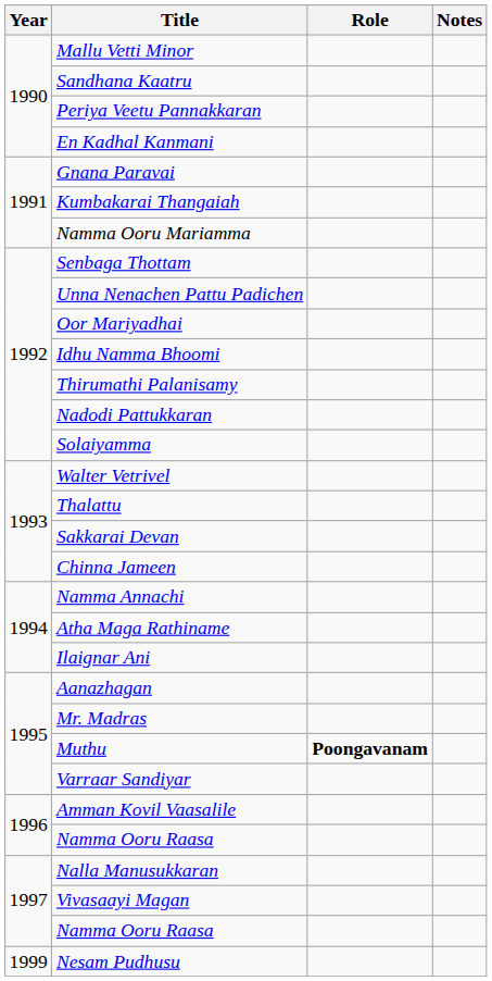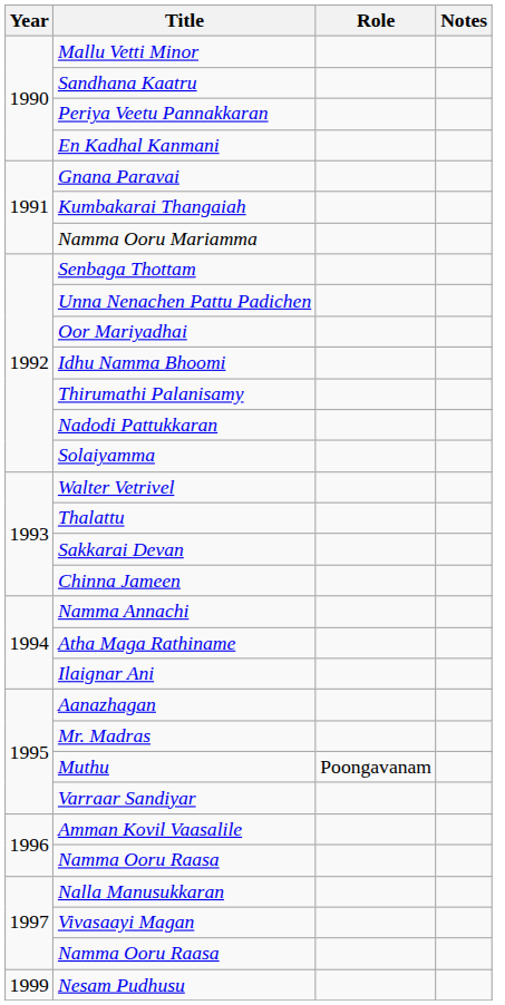 <table class="wikitable">
 <tr>
 <th scope="col">Year</th>
 <th scope="col">Title</th>
 <th scope="col">Role</th>
 <th class="unsortable" scope="col">Notes</th>
 </tr>
 <tr>
 <td rowspan="4">1990</td>
 <td><em><a href='#'>Mallu Vetti Minor</a></em></td>
 <td></td>
 <td></td>
 </tr>
 <tr>
 <td><em><a href='#'>Sandhana Kaatru</a></em></td>
 <td></td>
 <td></td>
 </tr>
 <tr>
 <td><em><a href='#'>Periya Veetu Pannakkaran</a></em></td>
 <td></td>
 <td></td>
 </tr>
 <tr>
 <td><em><a href='#'>En Kadhal Kanmani</a></em></td>
 <td></td>
 <td></td>
 </tr>
 <tr>
 <td rowspan="3">1991</td>
 <td><em><a href='#'>Gnana Paravai</a></em></td>
 <td></td>
 <td></td>
 </tr>
 <tr>
 <td><em><a href='#'>Kumbakarai Thangaiah</a></em></td>
 <td></td>
 <td></td>
 </tr>
 <tr>
 <td><em>Namma Ooru Mariamma</em></td>
 <td></td>
 <td></td>
 </tr>
 <tr>
 <td rowspan="7">1992</td>
 <td><em><a href='#'>Senbaga Thottam</a></em></td>
 <td></td>
 <td></td>
 </tr>
 <tr>
 <td><em><a href='#'>Unna Nenachen Pattu Padichen</a></em></td>
 <td></td>
 <td></td>
 </tr>
 <tr>
 <td><em><a href='#'>Oor Mariyadhai</a></em></td>
 <td></td>
 <td></td>
 </tr>
 <tr>
 <td><em><a href='#'>Idhu Namma Bhoomi</a></em></td>
 <td></td>
 <td></td>
 </tr>
 <tr>
 <td><em><a href='#'>Thirumathi Palanisamy</a></em></td>
 <td></td>
 <td></td>
 </tr>
 <tr>
 <td><em><a href='#'>Nadodi Pattukkaran</a></em></td>
 <td></td>
 <td></td>
 </tr>
 <tr>
 <td><em><a href='#'>Solaiyamma</a></em></td>
 <td></td>
 <td></td>
 </tr>
 <tr>
 <td rowspan="4">1993</td>
 <td><em><a href='#'>Walter Vetrivel</a></em></td>
 <td></td>
 <td></td>
 </tr>
 <tr>
 <td><em><a href='#'>Thalattu</a></em></td>
 <td></td>
 <td></td>
 </tr>
 <tr>
 <td><em><a href='#'>Sakkarai Devan</a></em></td>
 <td></td>
 <td></td>
 </tr>
 <tr>
 <td><em><a href='#'>Chinna Jameen</a></em></td>
 <td></td>
 <td></td>
 </tr>
 <tr>
 <td rowspan="3">1994</td>
 <td><em><a href='#'>Namma Annachi</a></em></td>
 <td></td>
 <td></td>
 </tr>
 <tr>
 <td><em><a href='#'>Atha Maga Rathiname</a></em></td>
 <td></td>
 <td></td>
 </tr>
 <tr>
 <td><em><a href='#'>Ilaignar Ani</a></em></td>
 <td></td>
 <td></td>
 </tr>
 <tr>
 <td rowspan="4">1995</td>
 <td><em><a href='#'>Aanazhagan</a></em></td>
 <td></td>
 <td></td>
 </tr>
 <tr>
 <td><em><a href='#'>Mr. Madras</a></em></td>
 <td></td>
 <td></td>
 </tr>
 <tr>
 <td><em><a href='#'>Muthu</a></em></td>
-<td><strong>Poongavanam</strong></td>
+<td>Poongavanam</td>
 <td></td>
 </tr>
 <tr>
 <td><em><a href='#'>Varraar Sandiyar</a></em></td>
 <td></td>
 <td></td>
 </tr>
 <tr>
 <td rowspan="2">1996</td>
 <td><em><a href='#'>Amman Kovil Vaasalile</a></em></td>
 <td></td>
 <td></td>
 </tr>
 <tr>
 <td><em><a href='#'>Namma Ooru Raasa</a></em></td>
 <td></td>
 <td></td>
 </tr>
 <tr>
 <td rowspan="3">1997</td>
 <td><em><a href='#'>Nalla Manusukkaran</a></em></td>
 <td></td>
 <td></td>
 </tr>
 <tr>
 <td><em><a href='#'>Vivasaayi Magan</a></em></td>
 <td></td>
 <td></td>
 </tr>
 <tr>
 <td><em><a href='#'>Namma Ooru Raasa</a></em></td>
 <td></td>
 <td></td>
 </tr>
 <tr>
 <td>1999</td>
 <td><em><a href='#'>Nesam Pudhusu</a></em></td>
 <td></td>
 <td></td>
 </tr>
 </table>
